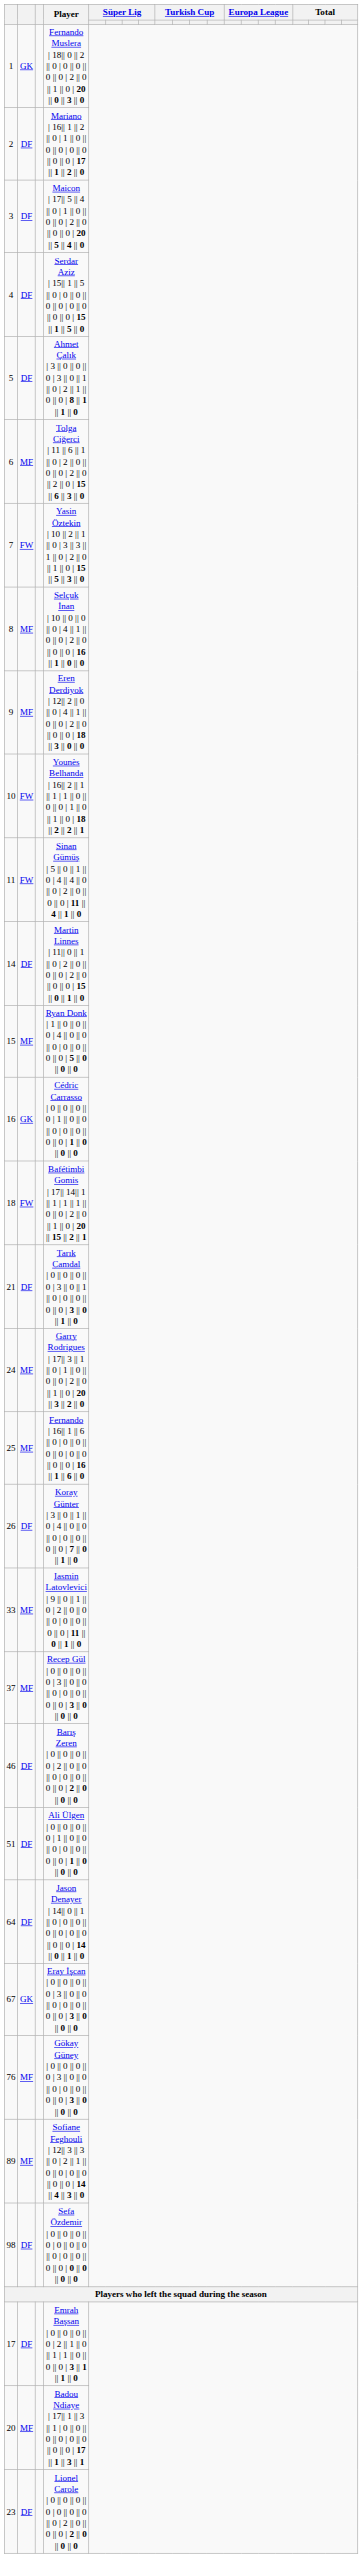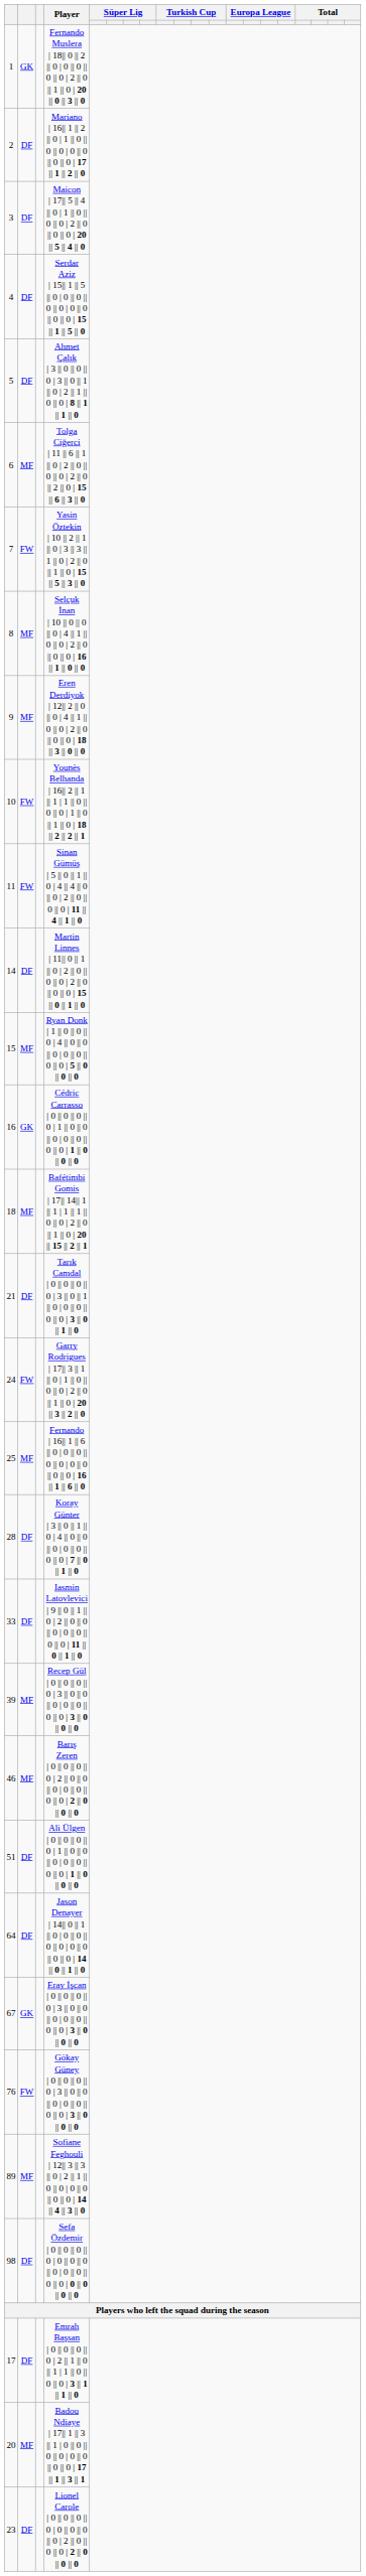 <table class="wikitable sortable alternance" style="font-size:90%; text-align:center; line-height:18px;" width=90%>
 <tr>
 <th rowspan="2" width=10></th>
 <th rowspan="2" width=10></th>
 <th rowspan="2" width=10></th>
 <th rowspan="2" width=60>Player</th>
 <th colspan="4"><a href='#'>Süper Lig</a></th>
 <th colspan="4"><a href='#'>Turkish Cup</a></th>
 <th colspan="4"><a href='#'>Europa League</a></th>
 <th colspan="4">Total</th>
 </tr>
 <tr align="center">
 <th width=30></th>
 <th width=30></th>
 <th width=30></th>
 <th width=30></th>
 <th width=30></th>
 <th width=30></th>
 <th width=30></th>
 <th width=30></th>
 <th width=30></th>
 <th width=30></th>
 <th width=30></th>
 <th width=30></th>
 <th width=30></th>
 <th width=30></th>
 <th width=30></th>
 <th width=30></th>
 </tr>
 <tr bgcolor=>
 <td>1</td>
 <td><a href='#'>GK</a></td>
 <td></td>
 <td><a href='#'>Fernando Muslera</a><br>          | 18|| 0 || 2 || 0         | 0 || 0 || 0 || 0  | 2 || 0 || 1 || 0               | <strong>20</strong> || <strong>0</strong> || <strong>3</strong> || <strong>0</strong></td>
 </tr>
 <tr bgcolor=>
 <td>2</td>
 <td><a href='#'>DF</a></td>
 <td></td>
 <td><a href='#'>Mariano</a><br>          | 16|| 1 || 2 || 0         | 1 || 0 || 0 || 0  | 0 || 0 || 0 || 0               | <strong>17</strong> || <strong>1</strong> || <strong>2</strong> || <strong>0</strong></td>
 </tr>
 <tr bgcolor=>
 <td>3</td>
 <td><a href='#'>DF</a></td>
 <td></td>
 <td><a href='#'>Maicon</a><br>          | 17|| 5 || 4 || 0         | 1 || 0 || 0 || 0  | 2 || 0 || 0 || 0               | <strong>20</strong> || <strong>5</strong> || <strong>4</strong> || <strong>0</strong></td>
 </tr>
 <tr bgcolor=>
 <td>4</td>
 <td><a href='#'>DF</a></td>
 <td></td>
 <td><a href='#'>Serdar Aziz</a><br>          | 15|| 1 || 5 || 0         | 0 || 0 || 0 || 0  | 0 || 0 || 0 || 0               | <strong>15</strong> || <strong>1</strong> || <strong>5</strong> || <strong>0</strong></td>
 </tr>
 <tr bgcolor=>
 <td>5</td>
 <td><a href='#'>DF</a></td>
 <td></td>
 <td><a href='#'>Ahmet Çalık</a><br>          | 3 || 0 || 0 || 0         | 3 || 0 || 1 || 0  | 2 || 1 || 0 || 0               | <strong>8</strong> || <strong>1</strong> || <strong>1</strong> || <strong>0</strong></td>
 </tr>
 <tr bgcolor=>
 <td>6</td>
 <td><a href='#'>MF</a></td>
 <td></td>
 <td><a href='#'>Tolga Ciğerci</a><br>          | 11 || 6 || 1 || 0         | 2 || 0 || 0 || 0  | 2 || 0 || 2 || 0               | <strong>15</strong> || <strong>6</strong> || <strong>3</strong> || <strong>0</strong></td>
 </tr>
 <tr bgcolor=>
 <td>7</td>
 <td><a href='#'>FW</a></td>
 <td></td>
 <td><a href='#'>Yasin Öztekin</a><br>          | 10 || 2 || 1 || 0         | 3 || 3 || 1 || 0  | 2 || 0 || 1 || 0               | <strong>15</strong> || <strong>5</strong> || <strong>3</strong> || <strong>0</strong></td>
 </tr>
 <tr bgcolor=>
 <td>8</td>
 <td><a href='#'>MF</a></td>
 <td></td>
 <td><a href='#'>Selçuk İnan</a><br>          | 10 || 0 || 0 || 0         | 4 || 1 || 0 || 0  | 2 || 0 || 0 || 0               | <strong>16</strong> || <strong>1</strong> || <strong>0</strong> || <strong>0</strong></td>
 </tr>
 <tr bgcolor=>
 <td>9</td>
 <td><a href='#'>MF</a></td>
 <td></td>
 <td><a href='#'>Eren Derdiyok</a><br>          | 12|| 2 || 0 || 0         | 4 || 1 || 0 || 0  | 2 || 0 || 0 || 0               | <strong>18</strong> || <strong>3</strong> || <strong>0</strong> || <strong>0</strong></td>
 </tr>
 <tr bgcolor=>
 <td>10</td>
 <td><a href='#'>FW</a></td>
 <td></td>
 <td><a href='#'>Younès Belhanda</a><br>          | 16|| 2 || 1 || 1         | 1 || 0 || 0 || 0  | 1 || 0 || 1 || 0               | <strong>18</strong> || <strong>2</strong> || <strong>2</strong> || <strong>1</strong></td>
 </tr>
 <tr bgcolor=>
 <td>11</td>
 <td><a href='#'>FW</a></td>
 <td></td>
 <td><a href='#'>Sinan Gümüş</a><br>          | 5 || 0 || 1 || 0         | 4 || 4 || 0 || 0  | 2 || 0 || 0 || 0               | <strong>11</strong> || <strong>4</strong> || <strong>1</strong> || <strong>0</strong></td>
 </tr>
 <tr bgcolor=>
 <td>14</td>
 <td><a href='#'>DF</a></td>
 <td></td>
 <td><a href='#'>Martin Linnes</a><br>          | 11|| 0 || 1 || 0         | 2 || 0 || 0 || 0  | 2 || 0 || 0 || 0               | <strong>15</strong> || <strong>0</strong> || <strong>1</strong> || <strong>0</strong></td>
 </tr>
 <tr bgcolor=>
 <td>15</td>
 <td><a href='#'>MF</a></td>
 <td></td>
 <td><a href='#'>Ryan Donk</a><br>          | 1 || 0 || 0 || 0         | 4 || 0 || 0 || 0  | 0 || 0 || 0 || 0               | <strong>5</strong> || <strong>0</strong> || <strong>0</strong> || <strong>0</strong></td>
 </tr>
 <tr bgcolor=>
 <td>16</td>
 <td><a href='#'>GK</a></td>
 <td></td>
 <td><a href='#'>Cédric Carrasso</a><br>          | 0 || 0 || 0 || 0         | 1 || 0 || 0 || 0  | 0 || 0 || 0 || 0               | <strong>1</strong> || <strong>0</strong> || <strong>0</strong> || <strong>0</strong></td>
 </tr>
 <tr bgcolor=>
 <td>18</td>
-<td><a href='#'>FW</a></td>
+<td><a href='#'>MF</a></td>
 <td></td>
 <td><a href='#'>Bafétimbi Gomis</a><br>          | 17|| 14|| 1 || 1         | 1 || 1 || 0 || 0  | 2 || 0 || 1 || 0               | <strong>20</strong> || <strong>15</strong> || <strong>2</strong> || <strong>1</strong></td>
 </tr>
 <tr bgcolor=>
 <td>21</td>
 <td><a href='#'>DF</a></td>
 <td></td>
 <td><a href='#'>Tarık Çamdal</a><br>          | 0 || 0 || 0 || 0         | 3 || 0 || 1 || 0  | 0 || 0 || 0 || 0               | <strong>3</strong> || <strong>0</strong> || <strong>1</strong> || <strong>0</strong></td>
 </tr>
 <tr bgcolor=>
 <td>24</td>
-<td><a href='#'>MF</a></td>
+<td><a href='#'>FW</a></td>
 <td></td>
 <td><a href='#'>Garry Rodrigues</a><br>          | 17|| 3 || 1 || 0         | 1 || 0 || 0 || 0  | 2 || 0 || 1 || 0               | <strong>20</strong> || <strong>3</strong> || <strong>2</strong> || <strong>0</strong></td>
 </tr>
 <tr bgcolor=>
 <td>25</td>
 <td><a href='#'>MF</a></td>
 <td></td>
 <td><a href='#'>Fernando</a><br>          | 16|| 1 || 6 || 0         | 0 || 0 || 0 || 0  | 0 || 0 || 0 || 0               | <strong>16</strong> || <strong>1</strong> || <strong>6</strong> || <strong>0</strong></td>
 </tr>
 <tr bgcolor=>
-<td>26</td>
+<td>28</td>
 <td><a href='#'>DF</a></td>
 <td></td>
 <td><a href='#'>Koray Günter</a><br>          | 3 || 0 || 1 || 0         | 4 || 0 || 0 || 0  | 0 || 0 || 0 || 0               | <strong>7</strong> || <strong>0</strong> || <strong>1</strong> || <strong>0</strong></td>
 </tr>
 <tr bgcolor=>
 <td>33</td>
-<td><a href='#'>MF</a></td>
+<td><a href='#'>DF</a></td>
 <td></td>
 <td><a href='#'>Iasmin Latovlevici</a><br>          | 9 || 0 || 1 || 0         | 2 || 0 || 0 || 0  | 0 || 0 || 0 || 0               | <strong>11</strong> || <strong>0</strong> || <strong>1</strong> || <strong>0</strong></td>
 </tr>
 <tr bgcolor=>
-<td>37</td>
+<td>39</td>
 <td><a href='#'>MF</a></td>
 <td></td>
 <td><a href='#'>Recep Gül</a><br>          | 0 || 0 || 0 || 0         | 3 || 0 || 0 || 0  | 0 || 0 || 0 || 0               | <strong>3</strong> || <strong>0</strong> || <strong>0</strong> || <strong>0</strong></td>
 </tr>
 <tr bgcolor=>
 <td>46</td>
-<td><a href='#'>DF</a></td>
+<td><a href='#'>MF</a></td>
 <td></td>
 <td><a href='#'>Barış Zeren</a><br>          | 0 || 0 || 0 || 0         | 2 || 0 || 0 || 0  | 0 || 0 || 0 || 0               | <strong>2</strong> || <strong>0</strong> || <strong>0</strong> || <strong>0</strong></td>
 </tr>
 <tr bgcolor=>
 <td>51</td>
 <td><a href='#'>DF</a></td>
 <td></td>
 <td><a href='#'>Ali Ülgen</a><br>          | 0 || 0 || 0 || 0         | 1 || 0 || 0 || 0  | 0 || 0 || 0 || 0               | <strong>1</strong> || <strong>0</strong> || <strong>0</strong> || <strong>0</strong></td>
 </tr>
 <tr bgcolor=>
 <td>64</td>
 <td><a href='#'>DF</a></td>
 <td></td>
 <td><a href='#'>Jason Denayer</a><br>          | 14|| 0 || 1 || 0         | 0 || 0 || 0 || 0  | 0 || 0 || 0 || 0               | <strong>14</strong> || <strong>0</strong> || <strong>1</strong> || <strong>0</strong></td>
 </tr>
 <tr bgcolor=>
 <td>67</td>
 <td><a href='#'>GK</a></td>
 <td></td>
 <td><a href='#'>Eray İşcan</a><br>          | 0 || 0 || 0 || 0         | 3 || 0 || 0 || 0  | 0 || 0 || 0 || 0               | <strong>3</strong> || <strong>0</strong> || <strong>0</strong> || <strong>0</strong></td>
 </tr>
 <tr bgcolor=>
 <td>76</td>
-<td><a href='#'>MF</a></td>
+<td><a href='#'>FW</a></td>
 <td></td>
 <td><a href='#'>Gökay Güney</a><br>          | 0 || 0 || 0 || 0         | 3 || 0 || 0 || 0  | 0 || 0 || 0 || 0               | <strong>3</strong> || <strong>0</strong> || <strong>0</strong> || <strong>0</strong></td>
 </tr>
 <tr bgcolor=>
 <td>89</td>
 <td><a href='#'>MF</a></td>
 <td></td>
 <td><a href='#'>Sofiane Feghouli</a><br>          | 12|| 3 || 3 || 0         | 2 || 1 || 0 || 0  | 0 || 0 || 0 || 0               | <strong>14</strong> || <strong>4</strong> || <strong>3</strong> || <strong>0</strong></td>
 </tr>
 <tr bgcolor=>
 <td>98</td>
 <td><a href='#'>DF</a></td>
 <td></td>
 <td><a href='#'>Sefa Özdemir</a><br>          | 0 || 0 || 0 || 0         | 0 || 0 || 0 || 0  | 0 || 0 || 0 || 0               | <strong>0</strong> || <strong>0</strong> || <strong>0</strong> || <strong>0</strong></td>
 </tr>
 <tr bgcolor=>
 <th colspan="20">Players who left the squad during the season</th>
 </tr>
 <tr bgcolor=>
 <td>17</td>
 <td><a href='#'>DF</a></td>
 <td></td>
 <td><a href='#'>Emrah Başsan</a><br>          | 0 || 0 || 0 || 0         | 2 || 1 || 0 || 1  | 1 || 0 || 0 || 0               | <strong>3</strong> || <strong>1</strong> || <strong>1</strong> || <strong>0</strong></td>
 </tr>
 <tr bgcolor=>
 <td>20</td>
 <td><a href='#'>MF</a></td>
 <td></td>
 <td><a href='#'>Badou Ndiaye</a><br>          | 17|| 1 || 3 || 1         | 0 || 0 || 0 || 0  | 0 || 0 || 0 || 0               | <strong>17</strong> || <strong>1</strong> || <strong>3</strong> || <strong>1</strong></td>
 </tr>
 <tr bgcolor=>
 <td>23</td>
 <td><a href='#'>DF</a></td>
 <td></td>
 <td><a href='#'>Lionel Carole</a><br>          | 0 || 0 || 0 || 0         | 0 || 0 || 0 || 0  | 2 || 0 || 0 || 0               | <strong>2</strong> || <strong>0</strong> || <strong>0</strong> || <strong>0</strong></td>
 </tr>
 </table>
